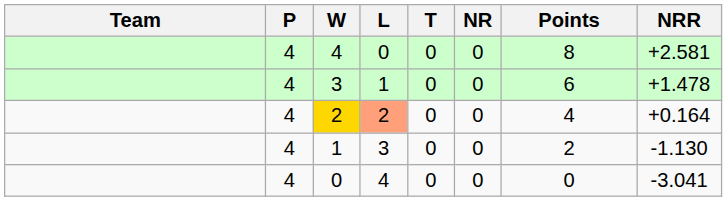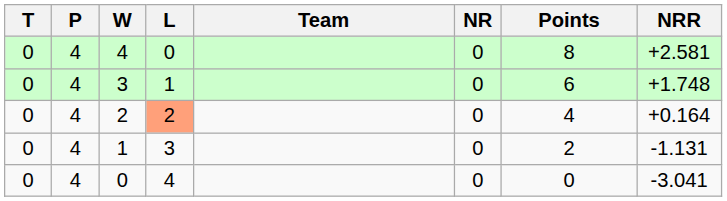 <table class="wikitable" style="text-align:center;">
 <tr>
-<th width=200>Team</th>
+<th width=30 abbr="Tied">T</th>
 <th width=30 abbr="Played">P</th>
 <th width=30 abbr="Won">W</th>
 <th width=30 abbr="Lost">L</th>
-<th width=30 abbr="Tied">T</th>
+<th width=200>Team</th>
 <th width=30 abbr="No result">NR</th>
 <th width=100 abbr="Points">Points</th>
 <th width=60 abbr="Net run rate">NRR</th>
 </tr>
 <tr bgcolor=ccffcc>
-<td align="left"></td>
+<td>0</td>
 <td>4</td>
 <td>4</td>
 <td>0</td>
-<td>0</td>
+<td align="left"></td>
 <td>0</td>
 <td>8</td>
 <td>+2.581</td>
 </tr>
 <tr bgcolor=ccffcc>
-<td align="left"></td>
+<td>0</td>
 <td>4</td>
 <td>3</td>
 <td>1</td>
-<td>0</td>
+<td align="left"></td>
 <td>0</td>
 <td>6</td>
-<td>+1.478</td>
+<td>+1.748</td>
 </tr>
 <tr>
+<td>0</td>
+<td>4</td>
+<td>2</td>
+<td style="background: lightsalmon;">2</td>
 <td align="left"></td>
-<td>4</td>
-<td style="background: gold;">2</td>
-<td style="background: lightsalmon;">2</td>
-<td>0</td>
 <td>0</td>
 <td>4</td>
 <td>+0.164</td>
 </tr>
 <tr>
-<td align="left"></td>
+<td>0</td>
 <td>4</td>
 <td>1</td>
 <td>3</td>
-<td>0</td>
+<td align="left"></td>
 <td>0</td>
 <td>2</td>
-<td>-1.130</td>
+<td>-1.131</td>
 </tr>
 <tr>
-<td align="left"></td>
+<td>0</td>
 <td>4</td>
 <td>0</td>
 <td>4</td>
-<td>0</td>
+<td align="left"></td>
 <td>0</td>
 <td>0</td>
 <td>-3.041</td>
 </tr>
 </table>
